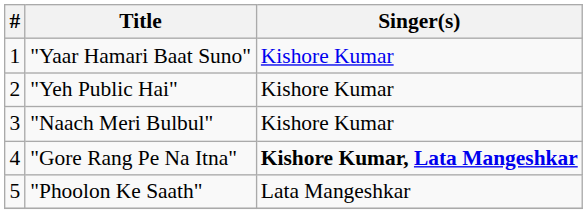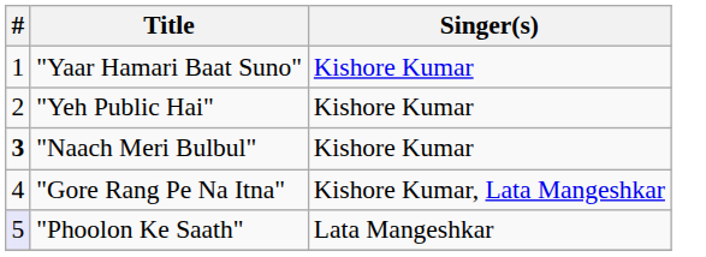 <table class="wikitable">
 <tr>
 <th>#</th>
 <th>Title</th>
 <th>Singer(s)</th>
 </tr>
 <tr>
 <td>1</td>
 <td>"Yaar Hamari Baat Suno"</td>
 <td><a href='#'>Kishore Kumar</a></td>
 </tr>
 <tr>
 <td>2</td>
 <td>"Yeh Public Hai"</td>
 <td>Kishore Kumar</td>
 </tr>
 <tr>
-<td>3</td>
+<td><strong>3</strong></td>
 <td>"Naach Meri Bulbul"</td>
 <td>Kishore Kumar</td>
 </tr>
 <tr>
 <td>4</td>
 <td>"Gore Rang Pe Na Itna"</td>
-<td><strong>Kishore Kumar, <a href='#'>Lata Mangeshkar</a></strong></td>
+<td>Kishore Kumar, <a href='#'>Lata Mangeshkar</a></td>
 </tr>
 <tr>
-<td>5</td>
+<td style="background: lavender;">5</td>
 <td>"Phoolon Ke Saath"</td>
 <td>Lata Mangeshkar</td>
 </tr>
 <tr>
 </tr>
 </table>
